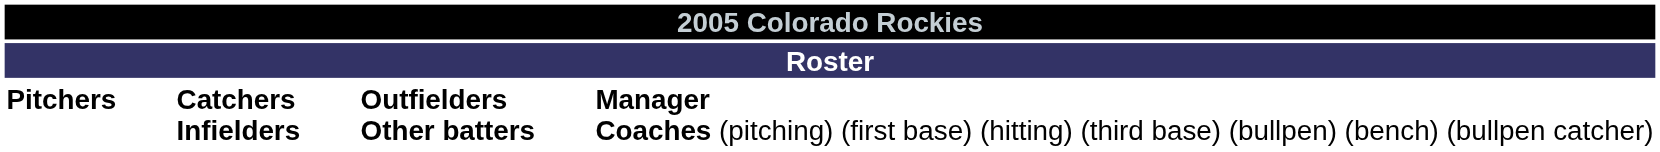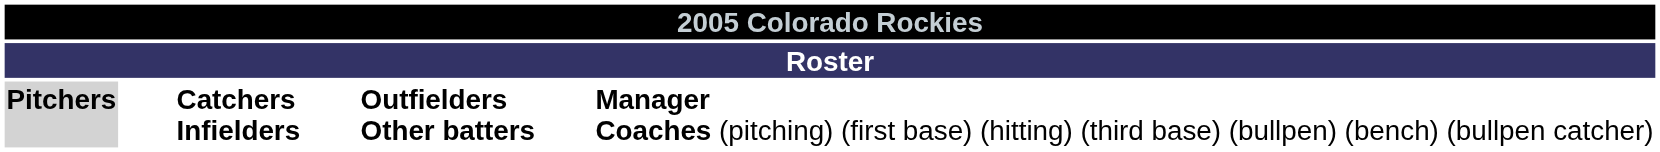 <table class="toccolours" style="font-size: 95%;">
 <tr>
 <th colspan="10" style="background-color: #000000; color: #C4CED4; text-align: center;">2005 Colorado Rockies</th>
 </tr>
 <tr>
 <td colspan="10" style="background-color: #333366; color: #FFFFFF; text-align: center;"><strong>Roster</strong></td>
 </tr>
 <tr>
-<td valign="top"><strong>Pitchers</strong><br>                          </td>
+<td valign="top" style="background: lightgrey;"><strong>Pitchers</strong><br>                          </td>
 <td width="25px"></td>
 <td valign="top"><strong>Catchers</strong><br>   <strong>Infielders</strong>            </td>
 <td width="25px"></td>
 <td valign="top"><strong>Outfielders</strong><br>           <strong>Other batters</strong> </td>
 <td width="25px"></td>
 <td valign="top"><strong>Manager</strong><br> <strong>Coaches</strong>  (pitching)  (first base)  (hitting)  (third base)  (bullpen)  (bench)  (bullpen catcher)</td>
 </tr>
 </table>
